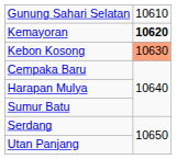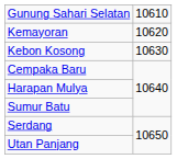 <table class=wikitable>
 <tr>
 <td><a href='#'>Gunung Sahari Selatan</a></td>
 <td>10610</td>
 </tr>
 <tr>
 <td><a href='#'>Kemayoran</a></td>
-<td><strong>10620</strong></td>
+<td>10620</td>
 </tr>
 <tr>
 <td><a href='#'>Kebon Kosong</a></td>
-<td style="background: lightsalmon;">10630</td>
+<td>10630</td>
 </tr>
 <tr>
 <td><a href='#'>Cempaka Baru</a></td>
 <td rowspan=3>10640</td>
 </tr>
 <tr>
 <td><a href='#'>Harapan Mulya</a></td>
 </tr>
 <tr>
 <td><a href='#'>Sumur Batu</a></td>
 </tr>
 <tr>
 <td><a href='#'>Serdang</a></td>
 <td rowspan=2>10650</td>
 </tr>
 <tr>
 <td><a href='#'>Utan Panjang</a></td>
 </tr>
 </table>
